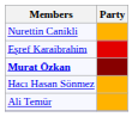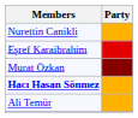 <table class=wikitable style="border:1px solid #8888aa; background-color:#f7f8ff; padding:0px; font-size:90%;">
 <tr>
 <th>Members</th>
 <th colspan="2">Party</th>
 </tr>
 <tr>
 <td><a href='#'>Nurettin Canikli</a></td>
 <td style="background: #ffb300"></td>
 </tr>
 <tr>
 <td><a href='#'>Eşref Karaibrahim</a></td>
 <td style="background: #e30000"></td>
 </tr>
 <tr>
-<td><strong><a href='#'>Murat Özkan</a></strong></td>
+<td><a href='#'>Murat Özkan</a></td>
 <td style="background: #870000"></td>
 </tr>
 <tr>
-<td><a href='#'>Hacı Hasan Sönmez</a></td>
+<td><strong><a href='#'>Hacı Hasan Sönmez</a></strong></td>
 <td style="background: #ffb300"></td>
 </tr>
 <tr>
 <td><a href='#'>Ali Temür</a></td>
 <td style="background: #ffb300"></td>
 </tr>
 <tr>
 </tr>
 </table>
